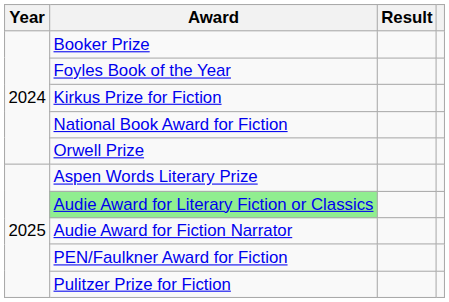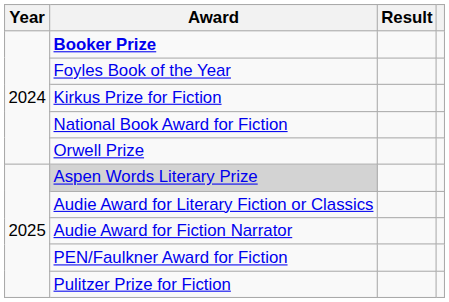 <table class="wikitable">
 <tr>
 <th>Year</th>
 <th>Award</th>
 <th>Result</th>
 <th></th>
 </tr>
 <tr>
 <td rowspan="5">2024</td>
-<td><a href='#'>Booker Prize</a></td>
+<td><strong><a href='#'>Booker Prize</a></strong></td>
 <td></td>
 <td></td>
 </tr>
 <tr>
 <td><a href='#'>Foyles Book of the Year</a></td>
 <td></td>
 <td></td>
 </tr>
 <tr>
 <td><a href='#'>Kirkus Prize for Fiction</a></td>
 <td></td>
 <td></td>
 </tr>
 <tr>
 <td><a href='#'>National Book Award for Fiction</a></td>
 <td></td>
 <td></td>
 </tr>
 <tr>
 <td><a href='#'>Orwell Prize</a></td>
 <td></td>
 <td></td>
 </tr>
 <tr>
 <td rowspan="5">2025</td>
-<td><a href='#'>Aspen Words Literary Prize</a></td>
+<td style="background: lightgrey;"><a href='#'>Aspen Words Literary Prize</a></td>
 <td></td>
 <td></td>
 </tr>
 <tr>
-<td style="background: lightgreen;"><a href='#'>Audie Award for Literary Fiction or Classics</a></td>
+<td><a href='#'>Audie Award for Literary Fiction or Classics</a></td>
 <td></td>
 <td></td>
 </tr>
 <tr>
 <td><a href='#'>Audie Award for Fiction Narrator</a></td>
 <td></td>
 <td></td>
 </tr>
 <tr>
 <td><a href='#'>PEN/Faulkner Award for Fiction</a></td>
 <td></td>
 <td></td>
 </tr>
 <tr>
 <td><a href='#'>Pulitzer Prize for Fiction</a></td>
 <td></td>
 <td></td>
 </tr>
 </table>
